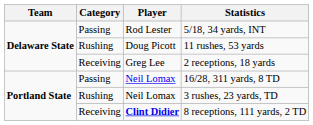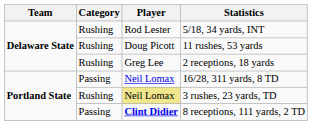 <table class="wikitable" style="float: left;">
 <tr>
 <th>Team</th>
 <th>Category</th>
 <th>Player</th>
 <th>Statistics</th>
 </tr>
 <tr>
 <td rowspan=3><strong>Delaware State</strong></td>
-<td>Passing</td>
+<td>Rushing</td>
 <td>Rod Lester</td>
 <td>5/18, 34 yards, INT</td>
 </tr>
 <tr>
 <td>Rushing</td>
 <td>Doug Picott</td>
 <td>11 rushes, 53 yards</td>
 </tr>
 <tr>
-<td>Receiving</td>
+<td>Rushing</td>
 <td>Greg Lee</td>
 <td>2 receptions, 18 yards</td>
 </tr>
 <tr>
 <td rowspan=3><strong>Portland State</strong></td>
 <td>Passing</td>
 <td><a href='#'>Neil Lomax</a></td>
 <td>16/28, 311 yards, 8 TD</td>
 </tr>
 <tr>
 <td>Rushing</td>
-<td>Neil Lomax</td>
+<td style="background: khaki;">Neil Lomax</td>
 <td>3 rushes, 23 yards, TD</td>
 </tr>
 <tr>
-<td>Receiving</td>
+<td>Passing</td>
 <td><strong><a href='#'>Clint Didier</a></strong></td>
 <td>8 receptions, 111 yards, 2 TD</td>
 </tr>
 </table>
